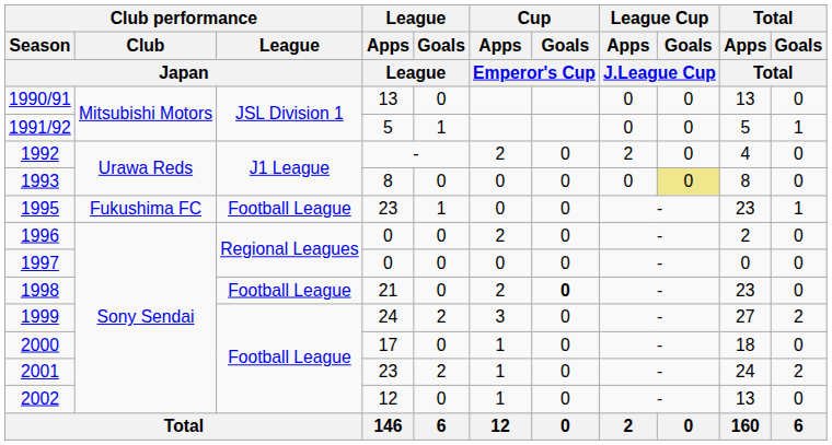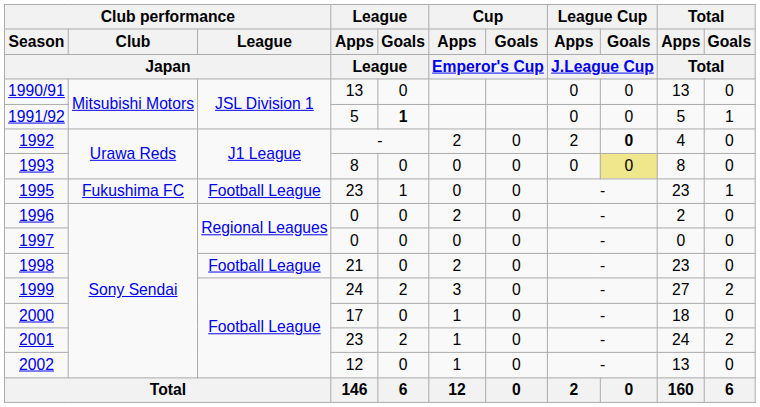 <table class="wikitable" style="text-align:center;">
 <tr>
 <th colspan=3>Club performance</th>
 <th colspan=2>League</th>
 <th colspan=2>Cup</th>
 <th colspan=2>League Cup</th>
 <th colspan=2>Total</th>
 </tr>
 <tr>
 <th>Season</th>
 <th>Club</th>
 <th>League</th>
 <th>Apps</th>
 <th>Goals</th>
 <th>Apps</th>
 <th>Goals</th>
 <th>Apps</th>
 <th>Goals</th>
 <th>Apps</th>
 <th>Goals</th>
 </tr>
 <tr>
 <th colspan=3>Japan</th>
 <th colspan=2>League</th>
 <th colspan=2><a href='#'>Emperor's Cup</a></th>
 <th colspan=2><a href='#'>J.League Cup</a></th>
 <th colspan=2>Total</th>
 </tr>
 <tr>
 <td><a href='#'>1990/91</a></td>
 <td rowspan="2"><a href='#'>Mitsubishi Motors</a></td>
 <td rowspan="2"><a href='#'>JSL Division 1</a></td>
 <td>13</td>
 <td>0</td>
 <td></td>
 <td></td>
 <td>0</td>
 <td>0</td>
 <td>13</td>
 <td>0</td>
 </tr>
 <tr>
 <td><a href='#'>1991/92</a></td>
 <td>5</td>
-<td>1</td>
+<td><strong>1</strong></td>
 <td></td>
 <td></td>
 <td>0</td>
 <td>0</td>
 <td>5</td>
 <td>1</td>
 </tr>
 <tr>
 <td><a href='#'>1992</a></td>
 <td rowspan="2"><a href='#'>Urawa Reds</a></td>
 <td rowspan="2"><a href='#'>J1 League</a></td>
 <td colspan="2">-</td>
 <td>2</td>
 <td>0</td>
 <td>2</td>
-<td>0</td>
+<td><strong>0</strong></td>
 <td>4</td>
 <td>0</td>
 </tr>
 <tr>
 <td><a href='#'>1993</a></td>
 <td>8</td>
 <td>0</td>
 <td>0</td>
 <td>0</td>
 <td>0</td>
 <td style="background: khaki;">0</td>
 <td>8</td>
 <td>0</td>
 </tr>
 <tr>
 <td><a href='#'>1995</a></td>
 <td><a href='#'>Fukushima FC</a></td>
 <td><a href='#'>Football League</a></td>
 <td>23</td>
 <td>1</td>
 <td>0</td>
 <td>0</td>
 <td colspan="2">-</td>
 <td>23</td>
 <td>1</td>
 </tr>
 <tr>
 <td><a href='#'>1996</a></td>
 <td rowspan="7"><a href='#'>Sony Sendai</a></td>
 <td rowspan="2"><a href='#'>Regional Leagues</a></td>
 <td>0</td>
 <td>0</td>
 <td>2</td>
 <td>0</td>
 <td colspan="2">-</td>
 <td>2</td>
 <td>0</td>
 </tr>
 <tr>
 <td><a href='#'>1997</a></td>
 <td>0</td>
 <td>0</td>
 <td>0</td>
 <td>0</td>
 <td colspan="2">-</td>
 <td>0</td>
 <td>0</td>
 </tr>
 <tr>
 <td><a href='#'>1998</a></td>
 <td><a href='#'>Football League</a></td>
 <td>21</td>
 <td>0</td>
 <td>2</td>
-<td><strong>0</strong></td>
+<td>0</td>
 <td colspan="2">-</td>
 <td>23</td>
 <td>0</td>
 </tr>
 <tr>
 <td><a href='#'>1999</a></td>
 <td rowspan="4"><a href='#'>Football League</a></td>
 <td>24</td>
 <td>2</td>
 <td>3</td>
 <td>0</td>
 <td colspan="2">-</td>
 <td>27</td>
 <td>2</td>
 </tr>
 <tr>
 <td><a href='#'>2000</a></td>
 <td>17</td>
 <td>0</td>
 <td>1</td>
 <td>0</td>
 <td colspan="2">-</td>
 <td>18</td>
 <td>0</td>
 </tr>
 <tr>
 <td><a href='#'>2001</a></td>
 <td>23</td>
 <td>2</td>
 <td>1</td>
 <td>0</td>
 <td colspan="2">-</td>
 <td>24</td>
 <td>2</td>
 </tr>
 <tr>
 <td><a href='#'>2002</a></td>
 <td>12</td>
 <td>0</td>
 <td>1</td>
 <td>0</td>
 <td colspan="2">-</td>
 <td>13</td>
 <td>0</td>
 </tr>
 <tr>
 <th colspan=3>Total</th>
 <th>146</th>
 <th>6</th>
 <th>12</th>
 <th>0</th>
 <th>2</th>
 <th>0</th>
 <th>160</th>
 <th>6</th>
 </tr>
 </table>
